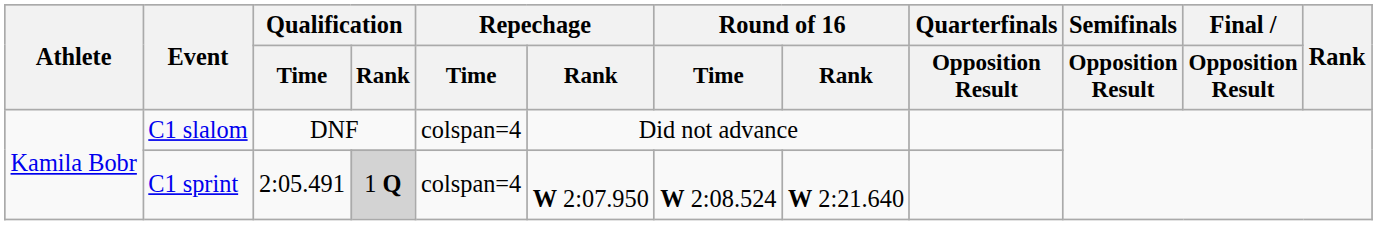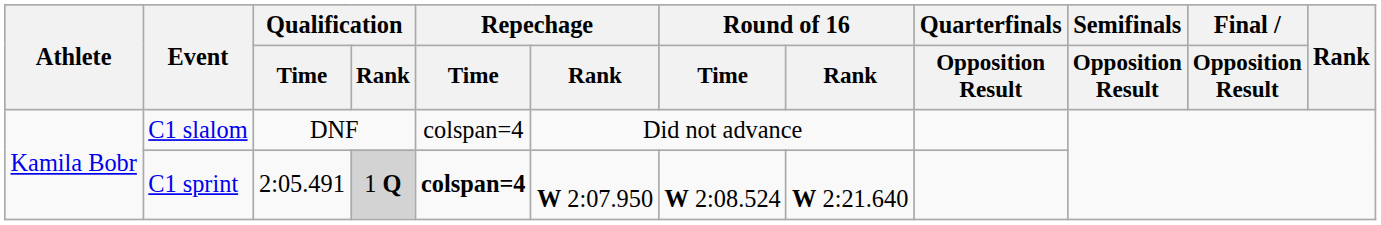 <table class="wikitable" style="font-size:90%;">
 <tr>
 <th rowspan=2>Athlete</th>
 <th rowspan=2>Event</th>
 <th colspan=2>Qualification</th>
 <th colspan=2>Repechage</th>
 <th colspan=2>Round of 16</th>
 <th>Quarterfinals</th>
 <th>Semifinals</th>
 <th>Final / </th>
 <th rowspan=2>Rank</th>
 </tr>
 <tr style="font-size:95%">
 <th>Time</th>
 <th>Rank</th>
 <th>Time</th>
 <th>Rank</th>
 <th>Time</th>
 <th>Rank</th>
 <th>Opposition <br>Result</th>
 <th>Opposition <br>Result</th>
 <th>Opposition <br>Result</th>
 </tr>
 <tr align=center>
 <td rowspan=2 align=left><a href='#'>Kamila Bobr</a></td>
 <td align=left><a href='#'>C1 slalom</a></td>
 <td colspan=2>DNF</td>
 <td>colspan=4 </td>
 <td colspan=3>Did not advance</td>
 <td></td>
 </tr>
 <tr align=center>
 <td align=left><a href='#'>C1 sprint</a></td>
 <td>2:05.491</td>
 <td style="background: lightgrey;">1 <strong>Q</strong></td>
-<td>colspan=4 </td>
+<td><strong>colspan=4 </strong></td>
 <td><br><strong>W</strong> 2:07.950</td>
 <td><br><strong>W</strong> 2:08.524</td>
 <td><br><strong>W</strong> 2:21.640</td>
 <td></td>
 </tr>
 </table>
